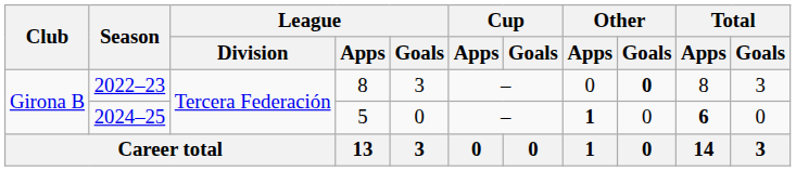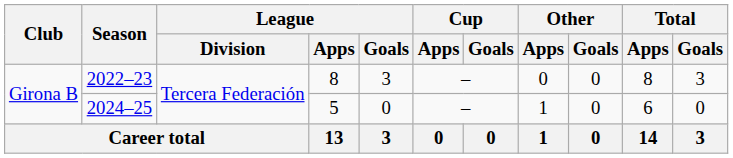 <table class=wikitable style=text-align:center>
 <tr>
 <th rowspan=2>Club</th>
 <th rowspan=2>Season</th>
 <th colspan=3>League</th>
 <th colspan=2>Cup</th>
 <th colspan=2>Other</th>
 <th colspan=2>Total</th>
 </tr>
 <tr>
 <th>Division</th>
 <th>Apps</th>
 <th>Goals</th>
 <th>Apps</th>
 <th>Goals</th>
 <th>Apps</th>
 <th>Goals</th>
 <th>Apps</th>
 <th>Goals</th>
 </tr>
 <tr>
 <td rowspan="2"><a href='#'>Girona B</a></td>
 <td><a href='#'>2022–23</a></td>
 <td rowspan="2"><a href='#'>Tercera Federación</a></td>
 <td>8</td>
 <td>3</td>
 <td colspan="2">–</td>
 <td>0</td>
-<td><strong>0</strong></td>
+<td>0</td>
 <td>8</td>
 <td>3</td>
 </tr>
 <tr>
 <td><a href='#'>2024–25</a></td>
 <td>5</td>
 <td>0</td>
 <td colspan="2">–</td>
-<td><strong>1</strong></td>
+<td>1</td>
 <td>0</td>
-<td><strong>6</strong></td>
+<td>6</td>
 <td>0</td>
 </tr>
 <tr>
 <th colspan="3"><strong>Career total</strong></th>
 <th>13</th>
 <th>3</th>
 <th>0</th>
 <th>0</th>
 <th>1</th>
 <th>0</th>
 <th>14</th>
 <th>3</th>
 </tr>
 </table>
